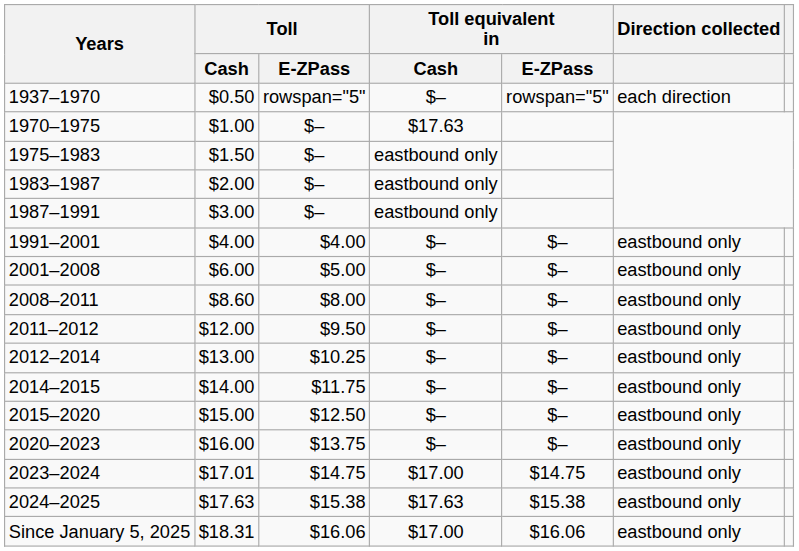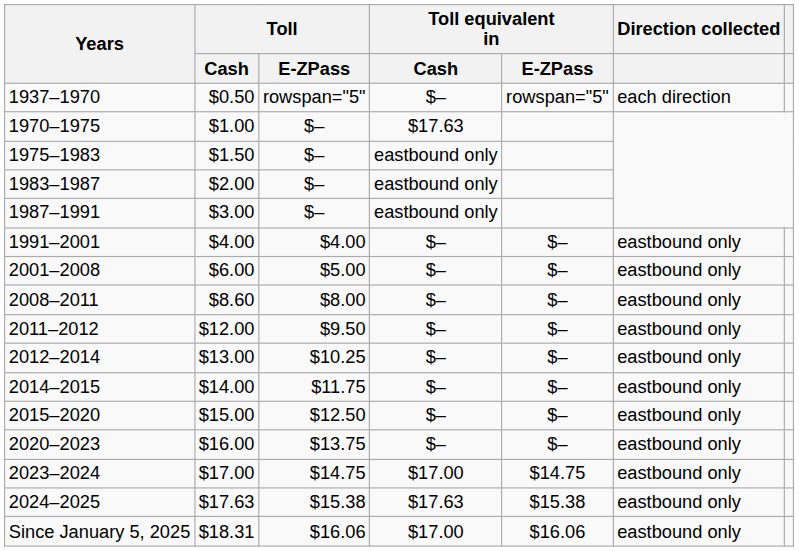 <table class="wikitable sortable">
 <tr>
 <th rowspan="2" scope="col">Years</th>
 <th colspan="2" scope="col">Toll</th>
 <th colspan="2" scope="col">Toll equivalent<br>in </th>
 <th scope="col">Direction collected</th>
 <th class=unsortable></th>
 </tr>
 <tr>
 <th>Cash</th>
 <th>E-ZPass</th>
 <th>Cash</th>
 <th>E-ZPass</th>
 <th></th>
 <th></th>
 </tr>
 <tr>
 <td>1937–1970</td>
 <td align="right">$0.50</td>
 <td>rowspan="5" </td>
 <td align="center">$–</td>
 <td>rowspan="5" </td>
 <td>each direction</td>
 <td></td>
 </tr>
 <tr>
 <td>1970–1975</td>
 <td align=right>$1.00</td>
 <td align=center>$–</td>
 <td align="center">$17.63</td>
 <td></td>
 </tr>
 <tr>
 <td>1975–1983</td>
 <td align=right>$1.50</td>
 <td align=center>$–</td>
 <td>eastbound only</td>
 <td></td>
 </tr>
 <tr>
 <td>1983–1987</td>
 <td align=right>$2.00</td>
 <td align=center>$–</td>
 <td>eastbound only</td>
 <td></td>
 </tr>
 <tr>
 <td>1987–1991</td>
 <td align=right>$3.00</td>
 <td align=center>$–</td>
 <td>eastbound only</td>
 <td></td>
 </tr>
 <tr>
 <td>1991–2001</td>
 <td align=right>$4.00</td>
 <td align=right>$4.00</td>
 <td align="center">$–</td>
 <td align="center">$–</td>
 <td>eastbound only</td>
 <td></td>
 </tr>
 <tr>
 <td>2001–2008</td>
 <td align=right>$6.00</td>
 <td align=right>$5.00</td>
 <td align="center">$–</td>
 <td align="center">$–</td>
 <td>eastbound only</td>
 <td></td>
 </tr>
 <tr>
 <td>2008–2011</td>
 <td align=right>$8.60</td>
 <td align=right>$8.00</td>
 <td align="center">$–</td>
 <td align="center">$–</td>
 <td>eastbound only</td>
 <td></td>
 </tr>
 <tr>
 <td>2011–2012</td>
 <td align=right>$12.00</td>
 <td align=right>$9.50</td>
 <td align="center">$–</td>
 <td align="center">$–</td>
 <td>eastbound only</td>
 <td></td>
 </tr>
 <tr>
 <td>2012–2014</td>
 <td align=right>$13.00</td>
 <td align=right>$10.25</td>
 <td align="center">$–</td>
 <td align="center">$–</td>
 <td>eastbound only</td>
 <td></td>
 </tr>
 <tr>
 <td>2014–2015</td>
 <td align=right>$14.00</td>
 <td align=right>$11.75</td>
 <td align="center">$–</td>
 <td align="center">$–</td>
 <td>eastbound only</td>
 <td></td>
 </tr>
 <tr>
 <td>2015–2020</td>
 <td align=right>$15.00</td>
 <td align=right>$12.50</td>
 <td align="center">$–</td>
 <td align="center">$–</td>
 <td>eastbound only</td>
 <td></td>
 </tr>
 <tr>
 <td>2020–2023</td>
 <td align=right>$16.00</td>
 <td align=right>$13.75</td>
 <td align="center">$–</td>
 <td align="center">$–</td>
 <td>eastbound only</td>
 <td></td>
 </tr>
 <tr>
 <td>2023–2024</td>
-<td align=right>$17.01</td>
+<td align=right>$17.00</td>
 <td align=right>$14.75</td>
 <td align="center">$17.00</td>
 <td align="center">$14.75</td>
 <td>eastbound only</td>
 <td></td>
 </tr>
 <tr>
 <td>2024–2025</td>
 <td align=right>$17.63</td>
 <td align=right>$15.38</td>
 <td align="center">$17.63</td>
 <td align="center">$15.38</td>
 <td>eastbound only</td>
 <td></td>
 </tr>
 <tr>
 <td>Since January 5, 2025</td>
 <td align=right>$18.31</td>
 <td align=right>$16.06</td>
 <td align="center">$17.00</td>
 <td align="center">$16.06</td>
 <td>eastbound only</td>
 <td></td>
 </tr>
 </table>
